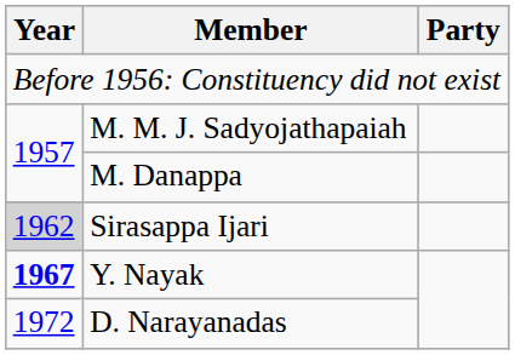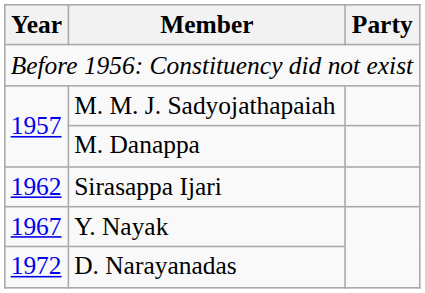 <table class="wikitable">
 <tr>
 <th>Year</th>
 <th>Member</th>
 <th colspan="2">Party</th>
 </tr>
 <tr>
 <td colspan=4><em>Before 1956: Constituency did not exist</em></td>
 </tr>
 <tr>
 <td rowspan=2><a href='#'>1957</a></td>
 <td>M. M. J. Sadyojathapaiah</td>
 <td></td>
 </tr>
 <tr>
 <td>M. Danappa</td>
 </tr>
 <tr>
-<td style="background: lightgrey;"><a href='#'>1962</a></td>
+<td><a href='#'>1962</a></td>
 <td>Sirasappa Ijari</td>
 <td></td>
 </tr>
 <tr>
-<td><strong><a href='#'>1967</a></strong></td>
+<td><a href='#'>1967</a></td>
 <td>Y. Nayak</td>
 </tr>
 <tr>
 <td><a href='#'>1972</a></td>
 <td>D. Narayanadas</td>
 </tr>
 </table>
